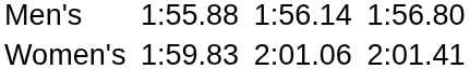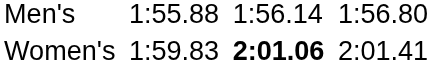 <table>
 <tr>
 <td>Men's<br></td>
 <td></td>
 <td>1:55.88</td>
 <td></td>
 <td>1:56.14</td>
 <td></td>
 <td>1:56.80</td>
 </tr>
 <tr>
 <td>Women's<br></td>
 <td></td>
 <td>1:59.83</td>
 <td></td>
-<td>2:01.06</td>
+<td><strong>2:01.06</strong></td>
 <td></td>
 <td>2:01.41</td>
 </tr>
 </table>
